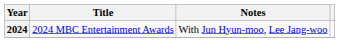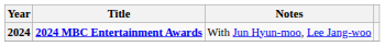 <table class="wikitable plainrowheaders sortable">
 <tr>
 <th scope="col">Year</th>
 <th scope="col">Title</th>
 <th scope="col">Notes</th>
 <th scope="col" class="unsortable"></th>
 </tr>
 <tr>
 <th scope="row">2024</th>
-<td><a href='#'>2024 MBC Entertainment Awards</a></td>
+<td><strong><a href='#'>2024 MBC Entertainment Awards</a></strong></td>
 <td>With <a href='#'>Jun Hyun-moo</a>, <a href='#'>Lee Jang-woo</a></td>
 <td style="text-align:center"></td>
 </tr>
 <tr>
 </tr>
 </table>
